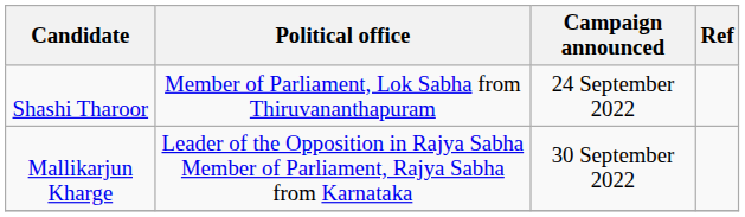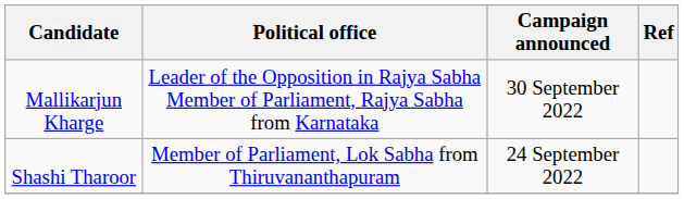 <table class="wikitable" width="60%" style="text-align:center">
 <tr>
 <th>Candidate</th>
 <th>Political office</th>
 <th>Campaign announced<br></th>
 <th>Ref</th>
 </tr>
 <tr>
+<td><br> <a href='#'>Mallikarjun Kharge</a></td>
+<td><a href='#'>Leader of the Opposition in Rajya Sabha</a> <br> <a href='#'>Member of Parliament, Rajya Sabha</a> from <a href='#'>Karnataka</a> </td>
+<td>30 September 2022<br></td>
+<td></td>
+</tr>
+<tr>
 <td><br><a href='#'>Shashi Tharoor</a></td>
 <td><a href='#'>Member of Parliament, Lok Sabha</a> from <a href='#'>Thiruvananthapuram</a> </td>
 <td>24 September 2022<br></td>
 <td></td>
 </tr>
 <tr>
-<td><br> <a href='#'>Mallikarjun Kharge</a></td>
-<td><a href='#'>Leader of the Opposition in Rajya Sabha</a> <br> <a href='#'>Member of Parliament, Rajya Sabha</a> from <a href='#'>Karnataka</a> </td>
-<td>30 September 2022<br></td>
-<td></td>
-</tr>
-<tr>
 </tr>
 </table>
